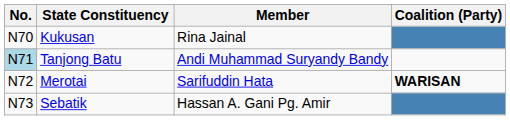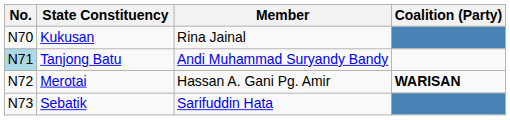 <table class="wikitable sortable">
 <tr>
 <th width="30">No.</th>
 <th width="150">State Constituency</th>
 <th>Member</th>
 <th>Coalition (Party)</th>
 </tr>
 <tr>
 <td>N70</td>
 <td><a href='#'>Kukusan</a></td>
 <td>Rina Jainal</td>
 <td style="background-color: #4682B4;"></td>
 </tr>
 <tr>
 <td style="background: lightblue;">N71</td>
 <td><a href='#'>Tanjong Batu</a></td>
 <td><a href='#'>Andi Muhammad Suryandy Bandy</a></td>
 <td></td>
 </tr>
 <tr>
 <td>N72</td>
 <td><a href='#'>Merotai</a></td>
-<td><a href='#'>Sarifuddin Hata</a></td>
+<td>Hassan A. Gani Pg. Amir</td>
 <td><strong>WARISAN</strong></td>
 </tr>
 <tr>
 <td>N73</td>
 <td><a href='#'>Sebatik</a></td>
-<td>Hassan A. Gani Pg. Amir</td>
+<td><a href='#'>Sarifuddin Hata</a></td>
 <td style="background-color: #4682B4;"></td>
 </tr>
 </table>
